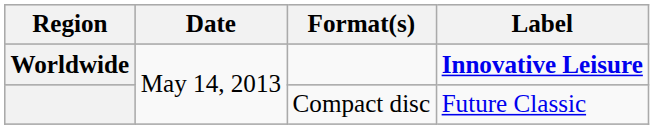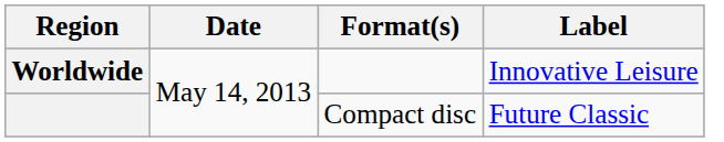 <table class="wikitable plainrowheaders">
 <tr>
 <th scope="col">Region</th>
 <th scope="col">Date</th>
 <th scope="col">Format(s)</th>
 <th scope="col">Label</th>
 </tr>
 <tr>
 <th scope="row">Worldwide</th>
 <td rowspan=2>May 14, 2013</td>
 <td></td>
-<td><strong><a href='#'>Innovative Leisure</a></strong></td>
+<td><a href='#'>Innovative Leisure</a></td>
 </tr>
 <tr>
 <th scope="row"></th>
 <td>Compact disc</td>
 <td><a href='#'>Future Classic</a></td>
 </tr>
 </table>
